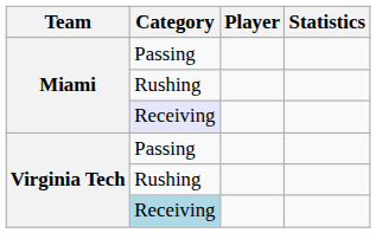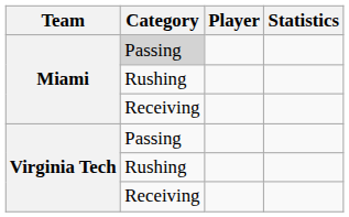 <table class="wikitable" style="float:right">
 <tr>
 <th>Team</th>
 <th>Category</th>
 <th>Player</th>
 <th>Statistics</th>
 </tr>
 <tr>
 <th rowspan=3>Miami</th>
-<td>Passing</td>
+<td style="background: lightgrey;">Passing</td>
 <td></td>
 <td></td>
 </tr>
 <tr>
 <td>Rushing</td>
 <td></td>
 <td></td>
 </tr>
 <tr>
-<td style="background: lavender;">Receiving</td>
+<td>Receiving</td>
 <td></td>
 <td></td>
 </tr>
 <tr>
 <th rowspan=3>Virginia Tech</th>
 <td>Passing</td>
 <td></td>
 <td></td>
 </tr>
 <tr>
 <td>Rushing</td>
 <td></td>
 <td></td>
 </tr>
 <tr>
-<td style="background: lightblue;">Receiving</td>
+<td>Receiving</td>
 <td></td>
 <td></td>
 </tr>
 </table>
